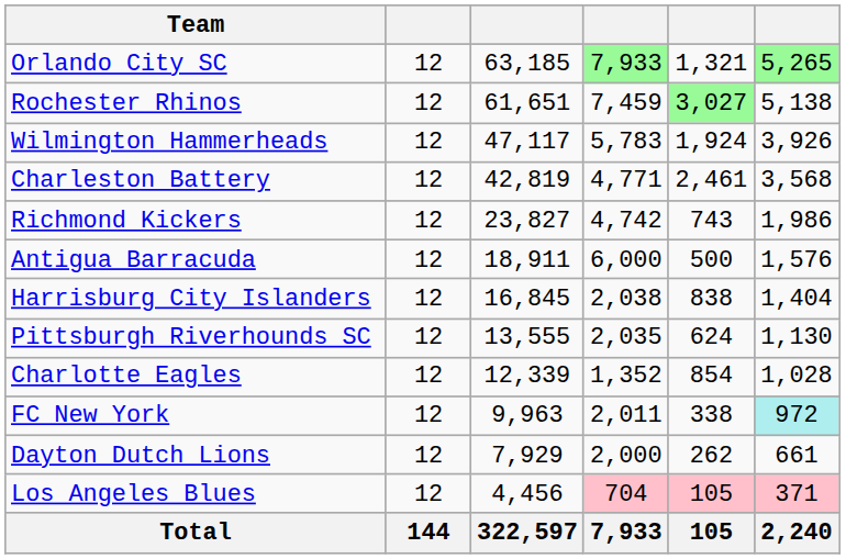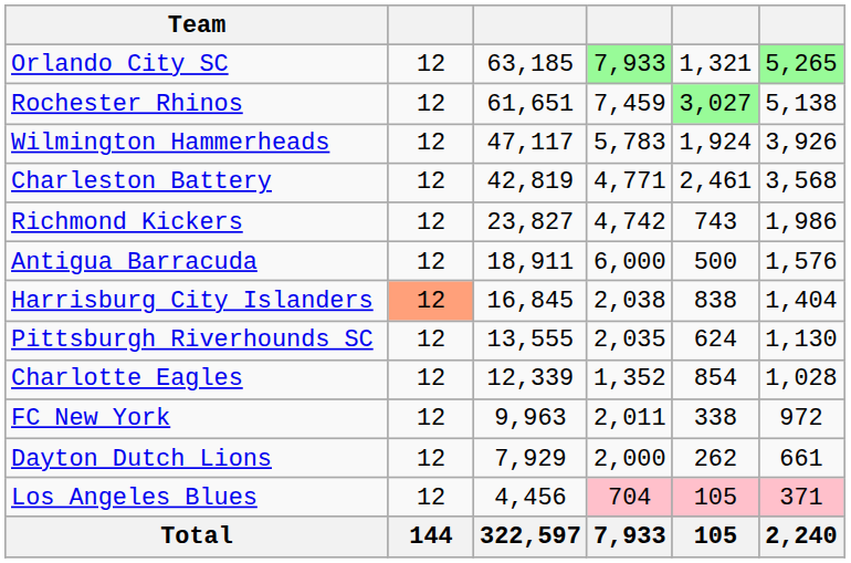 <table class="wikitable sortable">
 <tr>
 <th width=200>Team</th>
 <th width=40></th>
 <th width=40></th>
 <th width=40></th>
 <th width=40></th>
 <th width=40></th>
 </tr>
 <tr align="center">
 <td align="left"><a href='#'>Orlando City SC</a></td>
 <td>12</td>
 <td>63,185</td>
 <td bgcolor="#98fb98">7,933</td>
 <td>1,321</td>
 <td bgcolor="#98fb98">5,265</td>
 </tr>
 <tr align="center">
 <td align="left"><a href='#'>Rochester Rhinos</a></td>
 <td>12</td>
 <td>61,651</td>
 <td>7,459</td>
 <td bgcolor="#98fb98">3,027</td>
 <td>5,138</td>
 </tr>
 <tr align="center">
 <td align="left"><a href='#'>Wilmington Hammerheads</a></td>
 <td>12</td>
 <td>47,117</td>
 <td>5,783</td>
 <td>1,924</td>
 <td>3,926</td>
 </tr>
 <tr align="center">
 <td align="left"><a href='#'>Charleston Battery</a></td>
 <td>12</td>
 <td>42,819</td>
 <td>4,771</td>
 <td>2,461</td>
 <td>3,568</td>
 </tr>
 <tr align="center">
 <td align="left"><a href='#'>Richmond Kickers</a></td>
 <td>12</td>
 <td>23,827</td>
 <td>4,742</td>
 <td>743</td>
 <td>1,986</td>
 </tr>
 <tr align="center">
 <td align="left"><a href='#'>Antigua Barracuda</a></td>
 <td>12</td>
 <td>18,911</td>
 <td>6,000</td>
 <td>500</td>
 <td>1,576</td>
 </tr>
 <tr align="center">
 <td align="left"><a href='#'>Harrisburg City Islanders</a></td>
-<td>12</td>
+<td style="background: lightsalmon;">12</td>
 <td>16,845</td>
 <td>2,038</td>
 <td>838</td>
 <td>1,404</td>
 </tr>
 <tr align="center">
 <td align="left"><a href='#'>Pittsburgh Riverhounds SC</a></td>
 <td>12</td>
 <td>13,555</td>
 <td>2,035</td>
 <td>624</td>
 <td>1,130</td>
 </tr>
 <tr align="center">
 <td align="left"><a href='#'>Charlotte Eagles</a></td>
 <td>12</td>
 <td>12,339</td>
 <td>1,352</td>
 <td>854</td>
 <td>1,028</td>
 </tr>
 <tr align="center">
 <td align="left"><a href='#'>FC New York</a></td>
 <td>12</td>
 <td>9,963</td>
 <td>2,011</td>
 <td>338</td>
-<td style="background: paleturquoise;">972</td>
+<td>972</td>
 </tr>
 <tr align="center">
 <td align="left"><a href='#'>Dayton Dutch Lions</a></td>
 <td>12</td>
 <td>7,929</td>
 <td>2,000</td>
 <td>262</td>
 <td>661</td>
 </tr>
 <tr align="center">
 <td align="left"><a href='#'>Los Angeles Blues</a></td>
 <td>12</td>
 <td>4,456</td>
 <td bgcolor="#ffc0cb">704</td>
 <td bgcolor="#ffc0cb">105</td>
 <td bgcolor="#ffc0cb">371</td>
 </tr>
 <tr align="center">
 <th align="left">Total</th>
 <th>144</th>
 <th>322,597</th>
 <th>7,933</th>
 <th>105</th>
 <th>2,240</th>
 </tr>
 </table>
